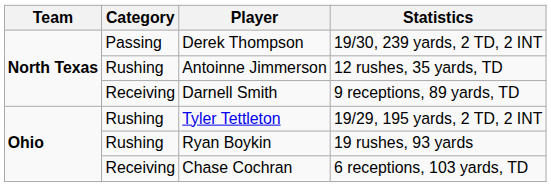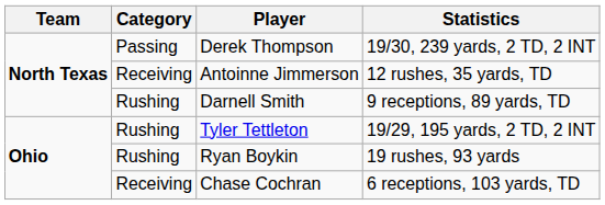 <table class="wikitable" style="float: right;">
 <tr>
 <th>Team</th>
 <th>Category</th>
 <th>Player</th>
 <th>Statistics</th>
 </tr>
 <tr>
 <td rowspan=3><strong>North Texas</strong></td>
 <td>Passing</td>
 <td>Derek Thompson</td>
 <td>19/30, 239 yards, 2 TD, 2 INT</td>
 </tr>
 <tr>
-<td>Rushing</td>
+<td>Receiving</td>
 <td>Antoinne Jimmerson</td>
 <td>12 rushes, 35 yards, TD</td>
 </tr>
 <tr>
-<td>Receiving</td>
+<td>Rushing</td>
 <td>Darnell Smith</td>
 <td>9 receptions, 89 yards, TD</td>
 </tr>
 <tr>
 <td rowspan=3><strong>Ohio</strong></td>
 <td>Rushing</td>
 <td><a href='#'>Tyler Tettleton</a></td>
 <td>19/29, 195 yards, 2 TD, 2 INT</td>
 </tr>
 <tr>
 <td>Rushing</td>
 <td>Ryan Boykin</td>
 <td>19 rushes, 93 yards</td>
 </tr>
 <tr>
 <td>Receiving</td>
 <td>Chase Cochran</td>
 <td>6 receptions, 103 yards, TD</td>
 </tr>
 </table>
